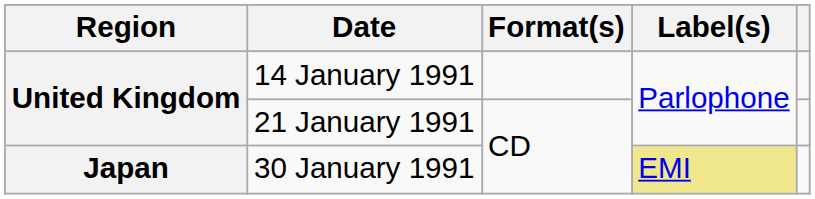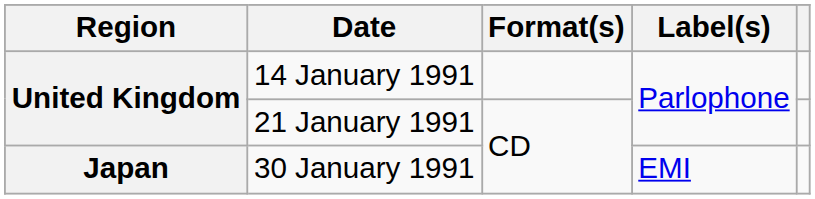 <table class="wikitable plainrowheaders">
 <tr>
 <th scope="col">Region</th>
 <th scope="col">Date</th>
 <th scope="col">Format(s)</th>
 <th scope="col">Label(s)</th>
 <th scope="col"></th>
 </tr>
 <tr>
 <th scope="row" rowspan="2">United Kingdom</th>
 <td>14 January 1991</td>
 <td></td>
 <td rowspan="2"><a href='#'>Parlophone</a></td>
 <td></td>
 </tr>
 <tr>
 <td>21 January 1991</td>
 <td rowspan="2">CD</td>
 <td></td>
 </tr>
 <tr>
 <th scope="row">Japan</th>
 <td>30 January 1991</td>
-<td style="background: khaki;"><a href='#'>EMI</a></td>
+<td><a href='#'>EMI</a></td>
 <td></td>
 </tr>
 </table>
